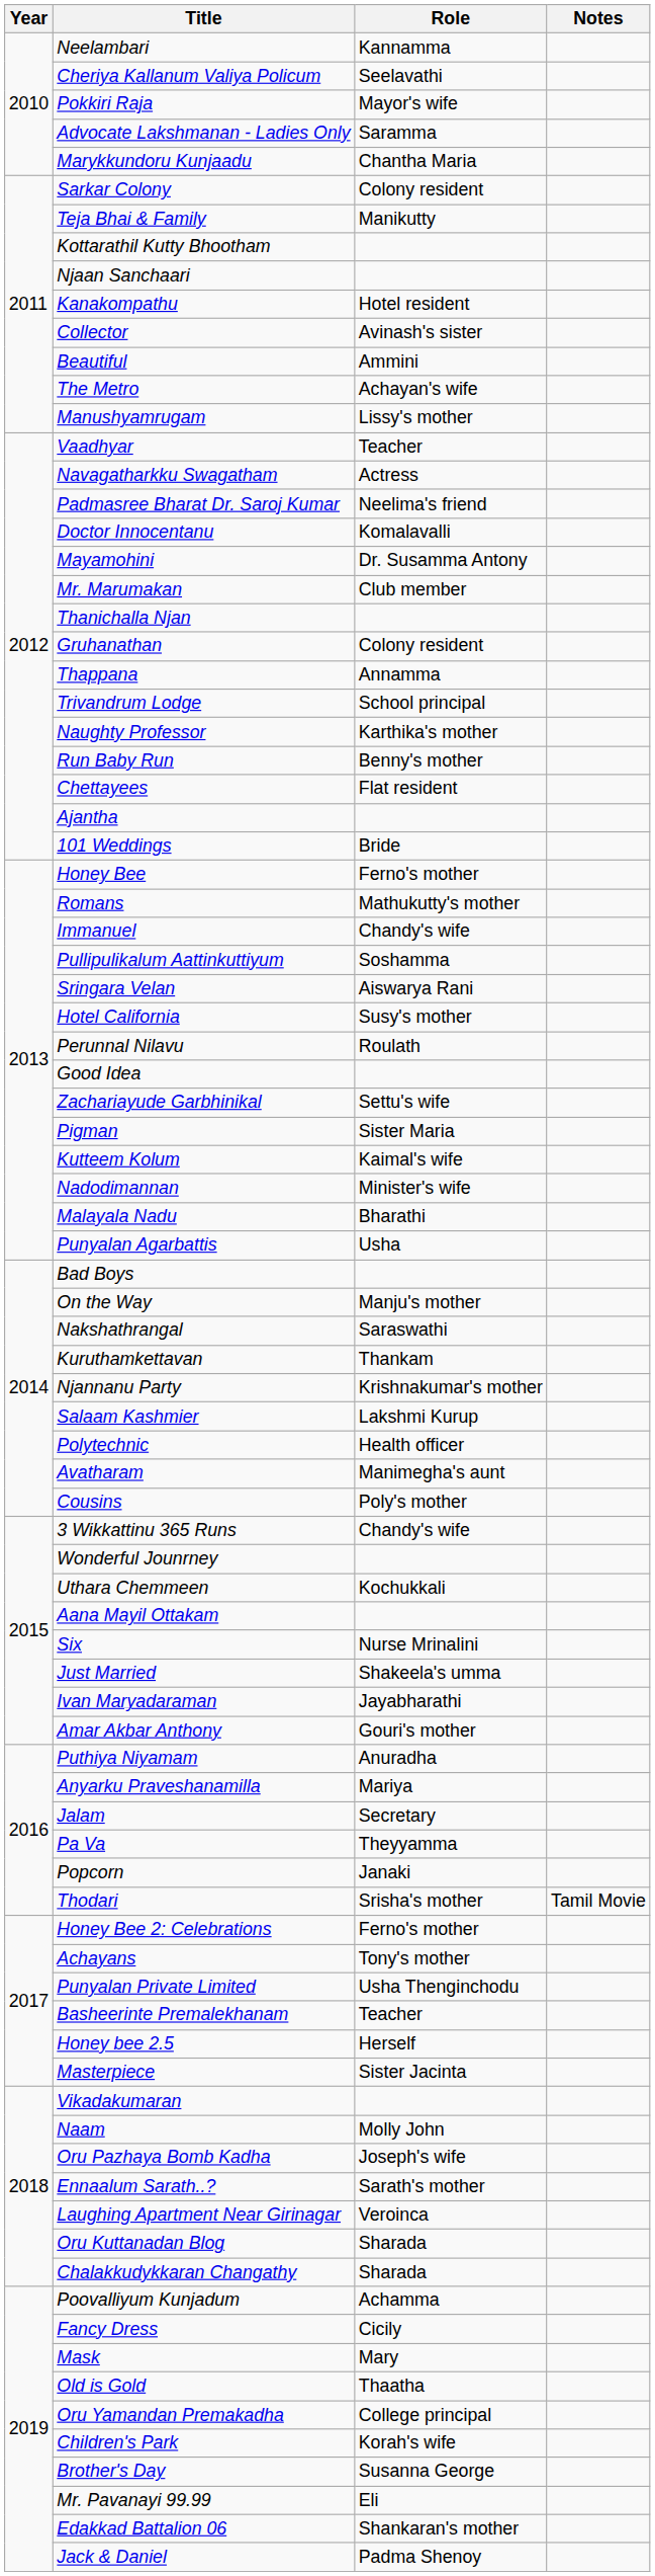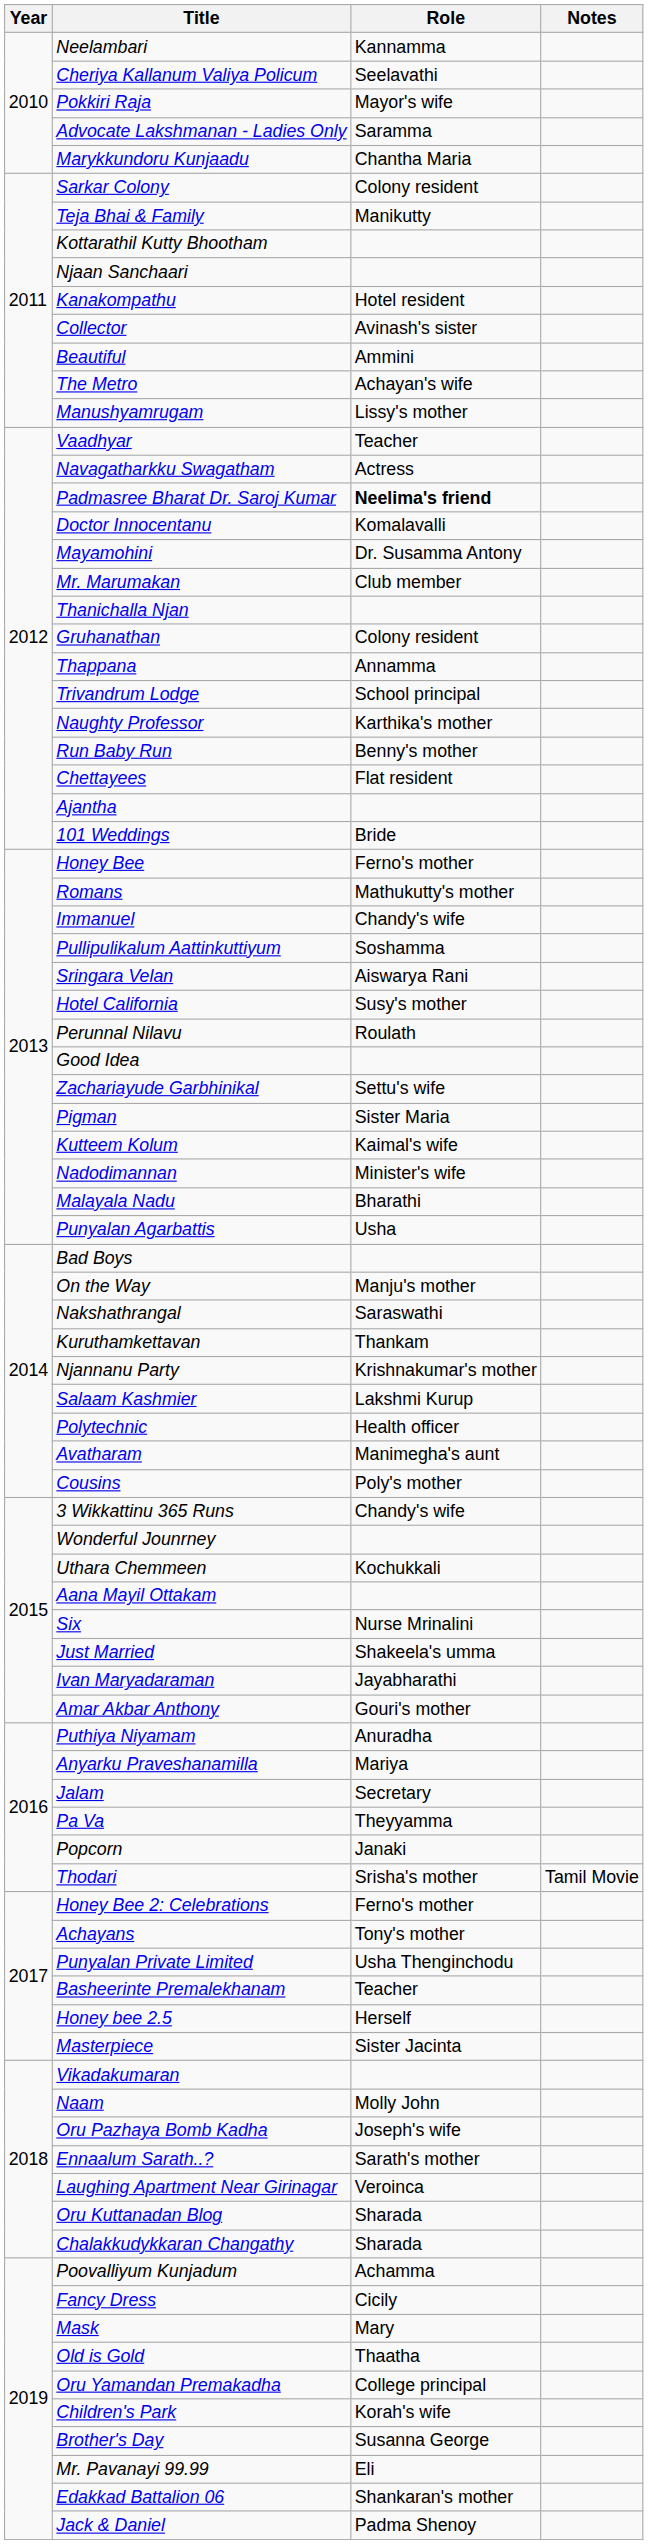 <table class="wikitable sortable">
 <tr>
 <th>Year</th>
 <th>Title</th>
 <th>Role</th>
 <th class="unsortable">Notes</th>
 </tr>
 <tr>
 <td rowspan=5>2010</td>
 <td><em>Neelambari</em></td>
 <td>Kannamma</td>
 <td></td>
 </tr>
 <tr>
 <td><em><a href='#'>Cheriya Kallanum Valiya Policum</a></em></td>
 <td>Seelavathi</td>
 <td></td>
 </tr>
 <tr>
 <td><em><a href='#'>Pokkiri Raja</a></em></td>
 <td>Mayor's wife</td>
 <td></td>
 </tr>
 <tr>
 <td><em><a href='#'>Advocate Lakshmanan - Ladies Only</a></em></td>
 <td>Saramma</td>
 <td></td>
 </tr>
 <tr>
 <td><em><a href='#'>Marykkundoru Kunjaadu</a></em></td>
 <td>Chantha Maria</td>
 <td></td>
 </tr>
 <tr>
 <td rowspan=9>2011</td>
 <td><em><a href='#'>Sarkar Colony</a></em></td>
 <td>Colony resident</td>
 <td></td>
 </tr>
 <tr>
 <td><em><a href='#'>Teja Bhai & Family</a></em></td>
 <td>Manikutty</td>
 <td></td>
 </tr>
 <tr>
 <td><em>Kottarathil Kutty Bhootham</em></td>
 <td></td>
 <td></td>
 </tr>
 <tr>
 <td><em>Njaan Sanchaari</em></td>
 <td></td>
 <td></td>
 </tr>
 <tr>
 <td><em><a href='#'>Kanakompathu</a></em></td>
 <td>Hotel resident</td>
 <td></td>
 </tr>
 <tr>
 <td><em><a href='#'>Collector</a></em></td>
 <td>Avinash's sister</td>
 <td></td>
 </tr>
 <tr>
 <td><em><a href='#'>Beautiful</a></em></td>
 <td>Ammini</td>
 <td></td>
 </tr>
 <tr>
 <td><em><a href='#'>The Metro</a></em></td>
 <td>Achayan's wife</td>
 <td></td>
 </tr>
 <tr>
 <td><em><a href='#'>Manushyamrugam</a></em></td>
 <td>Lissy's mother</td>
 <td></td>
 </tr>
 <tr>
 <td rowspan=15>2012</td>
 <td><em><a href='#'>Vaadhyar</a></em></td>
 <td>Teacher</td>
 <td></td>
 </tr>
 <tr>
 <td><em><a href='#'>Navagatharkku Swagatham</a></em></td>
 <td>Actress</td>
 <td></td>
 </tr>
 <tr>
 <td><em><a href='#'>Padmasree Bharat Dr. Saroj Kumar</a></em></td>
-<td>Neelima's friend</td>
+<td><strong>Neelima's friend</strong></td>
 <td></td>
 </tr>
 <tr>
 <td><em><a href='#'>Doctor Innocentanu</a></em></td>
 <td>Komalavalli</td>
 <td></td>
 </tr>
 <tr>
 <td><em><a href='#'>Mayamohini</a></em></td>
 <td>Dr. Susamma Antony</td>
 <td></td>
 </tr>
 <tr>
 <td><em><a href='#'>Mr. Marumakan</a></em></td>
 <td>Club member</td>
 <td></td>
 </tr>
 <tr>
 <td><em><a href='#'>Thanichalla Njan</a></em></td>
 <td></td>
 <td></td>
 </tr>
 <tr>
 <td><em><a href='#'>Gruhanathan</a></em></td>
 <td>Colony resident</td>
 <td></td>
 </tr>
 <tr>
 <td><em><a href='#'>Thappana</a></em></td>
 <td>Annamma</td>
 <td></td>
 </tr>
 <tr>
 <td><em><a href='#'>Trivandrum Lodge</a></em></td>
 <td>School principal</td>
 <td></td>
 </tr>
 <tr>
 <td><em><a href='#'>Naughty Professor</a></em></td>
 <td>Karthika's mother</td>
 <td></td>
 </tr>
 <tr>
 <td><em><a href='#'>Run Baby Run</a></em></td>
 <td>Benny's mother</td>
 <td></td>
 </tr>
 <tr>
 <td><em><a href='#'>Chettayees</a></em></td>
 <td>Flat resident</td>
 <td></td>
 </tr>
 <tr>
 <td><em><a href='#'>Ajantha</a></em></td>
 <td></td>
 <td></td>
 </tr>
 <tr>
 <td><em><a href='#'>101 Weddings</a></em></td>
 <td>Bride</td>
 <td></td>
 </tr>
 <tr>
 <td rowspan=14>2013</td>
 <td><em><a href='#'>Honey Bee</a></em></td>
 <td>Ferno's mother</td>
 <td></td>
 </tr>
 <tr>
 <td><em><a href='#'>Romans</a></em></td>
 <td>Mathukutty's mother</td>
 <td></td>
 </tr>
 <tr>
 <td><em><a href='#'>Immanuel</a></em></td>
 <td>Chandy's wife</td>
 <td></td>
 </tr>
 <tr>
 <td><em><a href='#'>Pullipulikalum Aattinkuttiyum</a></em></td>
 <td>Soshamma</td>
 <td></td>
 </tr>
 <tr>
 <td><em><a href='#'>Sringara Velan</a></em></td>
 <td>Aiswarya Rani</td>
 <td></td>
 </tr>
 <tr>
 <td><em><a href='#'>Hotel California</a></em></td>
 <td>Susy's mother</td>
 <td></td>
 </tr>
 <tr>
 <td><em>Perunnal Nilavu</em></td>
 <td>Roulath</td>
 <td></td>
 </tr>
 <tr>
 <td><em>Good Idea</em></td>
 <td></td>
 <td></td>
 </tr>
 <tr>
 <td><em><a href='#'>Zachariayude Garbhinikal</a></em></td>
 <td>Settu's wife</td>
 <td></td>
 </tr>
 <tr>
 <td><em><a href='#'>Pigman</a></em></td>
 <td>Sister Maria</td>
 <td></td>
 </tr>
 <tr>
 <td><em><a href='#'>Kutteem Kolum</a></em></td>
 <td>Kaimal's wife</td>
 <td></td>
 </tr>
 <tr>
 <td><em><a href='#'>Nadodimannan</a></em></td>
 <td>Minister's wife</td>
 <td></td>
 </tr>
 <tr>
 <td><em><a href='#'>Malayala Nadu</a></em></td>
 <td>Bharathi</td>
 <td></td>
 </tr>
 <tr>
 <td><em><a href='#'>Punyalan Agarbattis</a></em></td>
 <td>Usha</td>
 <td></td>
 </tr>
 <tr>
 <td rowspan=9>2014</td>
 <td><em>Bad Boys</em></td>
 <td></td>
 <td></td>
 </tr>
 <tr>
 <td><em>On the Way</em></td>
 <td>Manju's mother</td>
 <td></td>
 </tr>
 <tr>
 <td><em>Nakshathrangal</em></td>
 <td>Saraswathi</td>
 <td></td>
 </tr>
 <tr>
 <td><em>Kuruthamkettavan</em></td>
 <td>Thankam</td>
 <td></td>
 </tr>
 <tr>
 <td><em>Njannanu Party</em></td>
 <td>Krishnakumar's mother</td>
 <td></td>
 </tr>
 <tr>
 <td><em><a href='#'>Salaam Kashmier</a></em></td>
 <td>Lakshmi Kurup</td>
 <td></td>
 </tr>
 <tr>
 <td><em><a href='#'>Polytechnic</a></em></td>
 <td>Health officer</td>
 <td></td>
 </tr>
 <tr>
 <td><em><a href='#'>Avatharam</a></em></td>
 <td>Manimegha's aunt</td>
 <td></td>
 </tr>
 <tr>
 <td><em><a href='#'>Cousins</a></em></td>
 <td>Poly's mother</td>
 <td></td>
 </tr>
 <tr>
 <td rowspan=8>2015</td>
 <td><em>3 Wikkattinu 365 Runs</em></td>
 <td>Chandy's wife</td>
 <td></td>
 </tr>
 <tr>
 <td><em>Wonderful Jounrney</em></td>
 <td></td>
 <td></td>
 </tr>
 <tr>
 <td><em>Uthara Chemmeen</em></td>
 <td>Kochukkali</td>
 <td></td>
 </tr>
 <tr>
 <td><em><a href='#'>Aana Mayil Ottakam</a></em></td>
 <td></td>
 <td></td>
 </tr>
 <tr>
 <td><em><a href='#'>Six</a></em></td>
 <td>Nurse Mrinalini</td>
 <td></td>
 </tr>
 <tr>
 <td><em><a href='#'>Just Married</a></em></td>
 <td>Shakeela's umma</td>
 <td></td>
 </tr>
 <tr>
 <td><em><a href='#'>Ivan Maryadaraman</a></em></td>
 <td>Jayabharathi</td>
 <td></td>
 </tr>
 <tr>
 <td><em><a href='#'>Amar Akbar Anthony</a></em></td>
 <td>Gouri's mother</td>
 <td></td>
 </tr>
 <tr>
 <td rowspan=6>2016</td>
 <td><em><a href='#'>Puthiya Niyamam</a></em></td>
 <td>Anuradha</td>
 <td></td>
 </tr>
 <tr>
 <td><em><a href='#'>Anyarku Praveshanamilla</a></em></td>
 <td>Mariya</td>
 <td></td>
 </tr>
 <tr>
 <td><em><a href='#'>Jalam</a></em></td>
 <td>Secretary</td>
 <td></td>
 </tr>
 <tr>
 <td><em><a href='#'>Pa Va</a></em></td>
 <td>Theyyamma</td>
 <td></td>
 </tr>
 <tr>
 <td><em>Popcorn</em></td>
 <td>Janaki</td>
 <td></td>
 </tr>
 <tr>
 <td><em><a href='#'>Thodari</a></em></td>
 <td>Srisha's mother</td>
 <td>Tamil Movie</td>
 </tr>
 <tr>
 <td rowspan=6>2017</td>
 <td><em><a href='#'>Honey Bee 2: Celebrations</a></em></td>
 <td>Ferno's mother</td>
 <td></td>
 </tr>
 <tr>
 <td><em><a href='#'>Achayans</a></em></td>
 <td>Tony's mother</td>
 <td></td>
 </tr>
 <tr>
 <td><em><a href='#'>Punyalan Private Limited</a></em></td>
 <td>Usha Thenginchodu</td>
 <td></td>
 </tr>
 <tr>
 <td><em><a href='#'>Basheerinte Premalekhanam</a></em></td>
 <td>Teacher</td>
 <td></td>
 </tr>
 <tr>
 <td><em><a href='#'>Honey bee 2.5</a></em></td>
 <td>Herself</td>
 <td></td>
 </tr>
 <tr>
 <td><em><a href='#'>Masterpiece</a></em></td>
 <td>Sister Jacinta</td>
 <td></td>
 </tr>
 <tr>
 <td rowspan=7>2018</td>
 <td><em><a href='#'>Vikadakumaran</a></em></td>
 <td></td>
 <td></td>
 </tr>
 <tr>
 <td><em><a href='#'>Naam</a></em></td>
 <td>Molly John</td>
 <td></td>
 </tr>
 <tr>
 <td><em><a href='#'>Oru Pazhaya Bomb Kadha</a></em></td>
 <td>Joseph's wife</td>
 <td></td>
 </tr>
 <tr>
 <td><em><a href='#'>Ennaalum Sarath..?</a></em></td>
 <td>Sarath's mother</td>
 <td></td>
 </tr>
 <tr>
 <td><em><a href='#'>Laughing Apartment Near Girinagar</a></em></td>
 <td>Veroinca</td>
 <td></td>
 </tr>
 <tr>
 <td><em><a href='#'>Oru Kuttanadan Blog</a></em></td>
 <td>Sharada</td>
 <td></td>
 </tr>
 <tr>
 <td><em><a href='#'>Chalakkudykkaran Changathy</a></em></td>
 <td>Sharada</td>
 <td></td>
 </tr>
 <tr>
 <td rowspan=10>2019</td>
 <td><em>Poovalliyum Kunjadum</em></td>
 <td>Achamma</td>
 <td></td>
 </tr>
 <tr>
 <td><em><a href='#'>Fancy Dress</a></em></td>
 <td>Cicily</td>
 <td></td>
 </tr>
 <tr>
 <td><em><a href='#'>Mask</a></em></td>
 <td>Mary</td>
 <td></td>
 </tr>
 <tr>
 <td><em><a href='#'>Old is Gold</a></em></td>
 <td>Thaatha</td>
 <td></td>
 </tr>
 <tr>
 <td><em><a href='#'>Oru Yamandan Premakadha</a></em></td>
 <td>College principal</td>
 <td></td>
 </tr>
 <tr>
 <td><em><a href='#'>Children's Park</a></em></td>
 <td>Korah's wife</td>
 <td></td>
 </tr>
 <tr>
 <td><em><a href='#'>Brother's Day</a></em></td>
 <td>Susanna George</td>
 <td></td>
 </tr>
 <tr>
 <td><em>Mr. Pavanayi 99.99</em></td>
 <td>Eli</td>
 <td></td>
 </tr>
 <tr>
 <td><em><a href='#'>Edakkad Battalion 06</a></em></td>
 <td>Shankaran's mother</td>
 <td></td>
 </tr>
 <tr>
 <td><em><a href='#'>Jack & Daniel</a></em></td>
 <td>Padma Shenoy</td>
 <td></td>
 </tr>
 <tr>
 </tr>
 </table>
